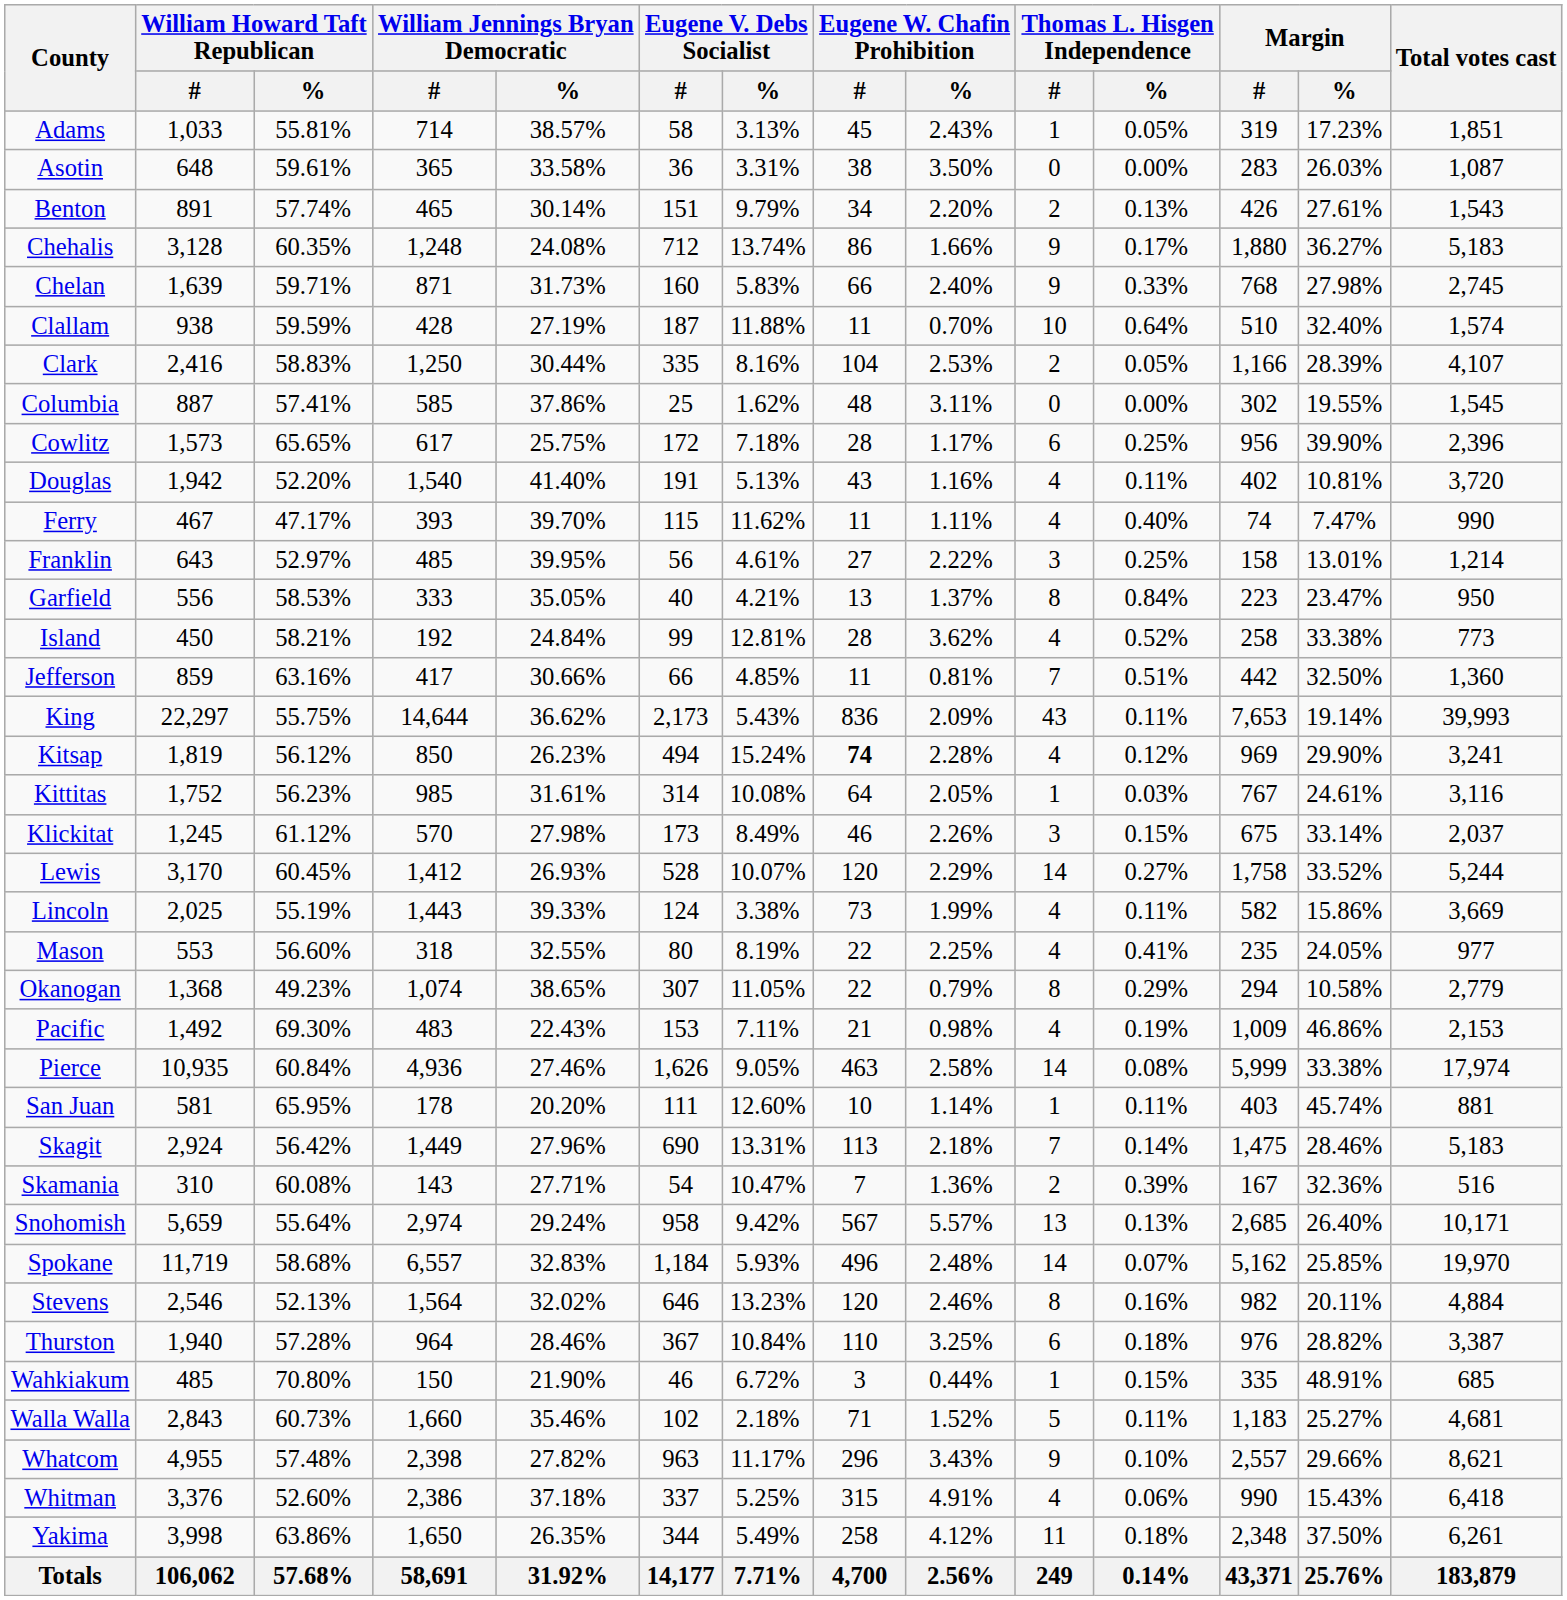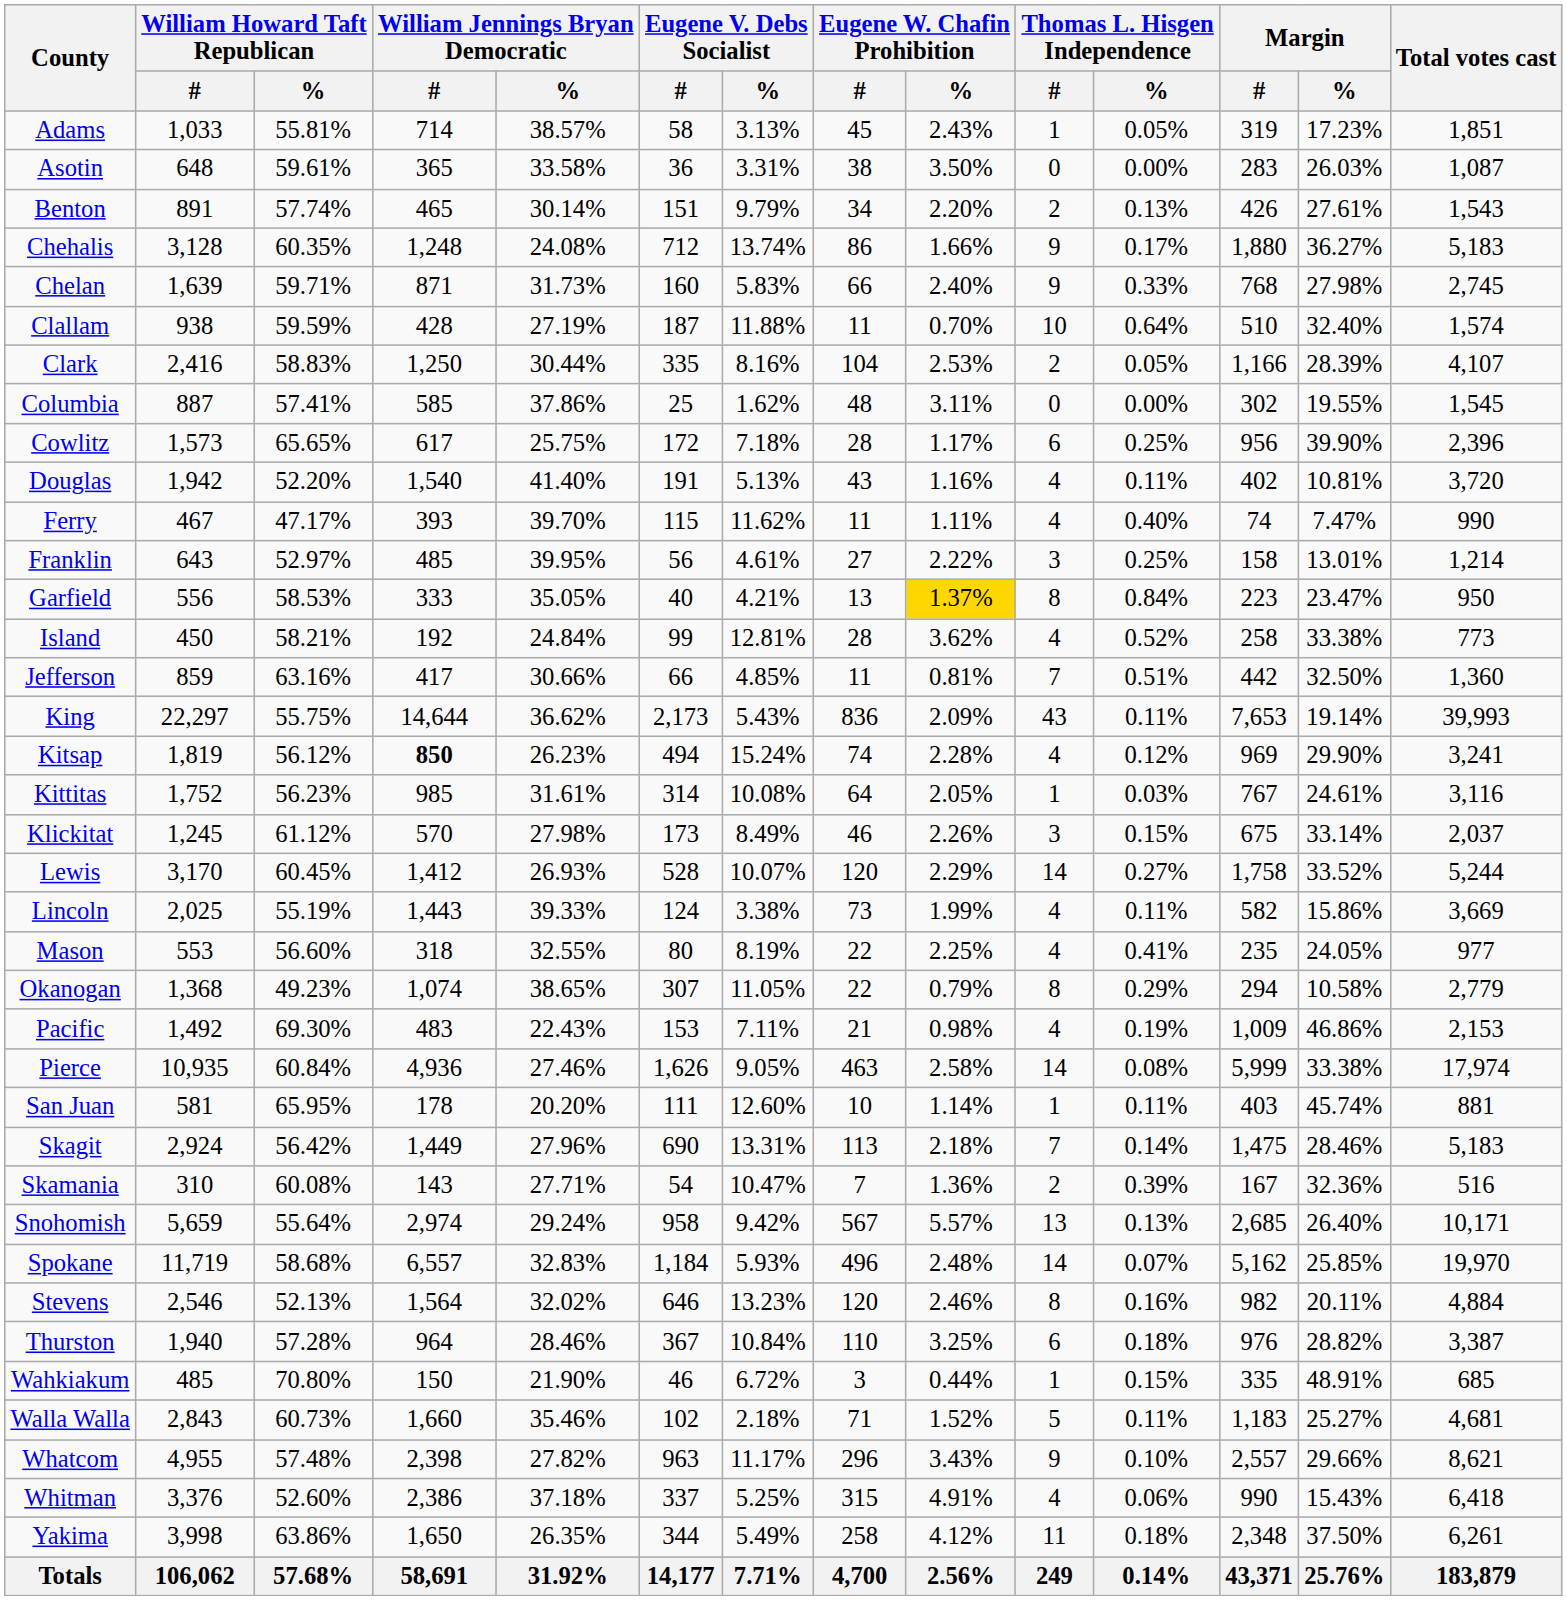 <table class="wikitable sortable" style="text-align:center">
 <tr>
 <th style="text-align:center;" rowspan="2">County</th>
 <th style="text-align:center;" colspan="2"><a href='#'>William Howard Taft</a><br>Republican</th>
 <th style="text-align:center;" colspan="2"><a href='#'>William Jennings Bryan</a><br>Democratic</th>
 <th style="text-align:center;" colspan="2"><a href='#'>Eugene V. Debs</a><br>Socialist</th>
 <th style="text-align:center;" colspan="2"><a href='#'>Eugene W. Chafin</a><br>Prohibition</th>
 <th style="text-align:center;" colspan="2"><a href='#'>Thomas L. Hisgen</a><br>Independence</th>
 <th style="text-align:center;" colspan="2">Margin</th>
 <th style="text-align:center;" rowspan="2">Total votes cast</th>
 </tr>
 <tr>
 <th style="text-align:center;" data-sort-type="number">#</th>
 <th style="text-align:center;" data-sort-type="number">%</th>
 <th style="text-align:center;" data-sort-type="number">#</th>
 <th style="text-align:center;" data-sort-type="number">%</th>
 <th style="text-align:center;" data-sort-type="number">#</th>
 <th style="text-align:center;" data-sort-type="number">%</th>
 <th style="text-align:center;" data-sort-type="number">#</th>
 <th style="text-align:center;" data-sort-type="number">%</th>
 <th style="text-align:center;" data-sort-type="number">#</th>
 <th style="text-align:center;" data-sort-type="number">%</th>
 <th style="text-align:center;" data-sort-type="number">#</th>
 <th style="text-align:center;" data-sort-type="number">%</th>
 </tr>
 <tr style="text-align:center;">
 <td><a href='#'>Adams</a></td>
 <td>1,033</td>
 <td>55.81%</td>
 <td>714</td>
 <td>38.57%</td>
 <td>58</td>
 <td>3.13%</td>
 <td>45</td>
 <td>2.43%</td>
 <td>1</td>
 <td>0.05%</td>
 <td>319</td>
 <td>17.23%</td>
 <td>1,851</td>
 </tr>
 <tr style="text-align:center;">
 <td><a href='#'>Asotin</a></td>
 <td>648</td>
 <td>59.61%</td>
 <td>365</td>
 <td>33.58%</td>
 <td>36</td>
 <td>3.31%</td>
 <td>38</td>
 <td>3.50%</td>
 <td>0</td>
 <td>0.00%</td>
 <td>283</td>
 <td>26.03%</td>
 <td>1,087</td>
 </tr>
 <tr style="text-align:center;">
 <td><a href='#'>Benton</a></td>
 <td>891</td>
 <td>57.74%</td>
 <td>465</td>
 <td>30.14%</td>
 <td>151</td>
 <td>9.79%</td>
 <td>34</td>
 <td>2.20%</td>
 <td>2</td>
 <td>0.13%</td>
 <td>426</td>
 <td>27.61%</td>
 <td>1,543</td>
 </tr>
 <tr style="text-align:center;">
 <td><a href='#'>Chehalis</a></td>
 <td>3,128</td>
 <td>60.35%</td>
 <td>1,248</td>
 <td>24.08%</td>
 <td>712</td>
 <td>13.74%</td>
 <td>86</td>
 <td>1.66%</td>
 <td>9</td>
 <td>0.17%</td>
 <td>1,880</td>
 <td>36.27%</td>
 <td>5,183</td>
 </tr>
 <tr style="text-align:center;">
 <td><a href='#'>Chelan</a></td>
 <td>1,639</td>
 <td>59.71%</td>
 <td>871</td>
 <td>31.73%</td>
 <td>160</td>
 <td>5.83%</td>
 <td>66</td>
 <td>2.40%</td>
 <td>9</td>
 <td>0.33%</td>
 <td>768</td>
 <td>27.98%</td>
 <td>2,745</td>
 </tr>
 <tr style="text-align:center;">
 <td><a href='#'>Clallam</a></td>
 <td>938</td>
 <td>59.59%</td>
 <td>428</td>
 <td>27.19%</td>
 <td>187</td>
 <td>11.88%</td>
 <td>11</td>
 <td>0.70%</td>
 <td>10</td>
 <td>0.64%</td>
 <td>510</td>
 <td>32.40%</td>
 <td>1,574</td>
 </tr>
 <tr style="text-align:center;">
 <td><a href='#'>Clark</a></td>
 <td>2,416</td>
 <td>58.83%</td>
 <td>1,250</td>
 <td>30.44%</td>
 <td>335</td>
 <td>8.16%</td>
 <td>104</td>
 <td>2.53%</td>
 <td>2</td>
 <td>0.05%</td>
 <td>1,166</td>
 <td>28.39%</td>
 <td>4,107</td>
 </tr>
 <tr style="text-align:center;">
 <td><a href='#'>Columbia</a></td>
 <td>887</td>
 <td>57.41%</td>
 <td>585</td>
 <td>37.86%</td>
 <td>25</td>
 <td>1.62%</td>
 <td>48</td>
 <td>3.11%</td>
 <td>0</td>
 <td>0.00%</td>
 <td>302</td>
 <td>19.55%</td>
 <td>1,545</td>
 </tr>
 <tr style="text-align:center;">
 <td><a href='#'>Cowlitz</a></td>
 <td>1,573</td>
 <td>65.65%</td>
 <td>617</td>
 <td>25.75%</td>
 <td>172</td>
 <td>7.18%</td>
 <td>28</td>
 <td>1.17%</td>
 <td>6</td>
 <td>0.25%</td>
 <td>956</td>
 <td>39.90%</td>
 <td>2,396</td>
 </tr>
 <tr style="text-align:center;">
 <td><a href='#'>Douglas</a></td>
 <td>1,942</td>
 <td>52.20%</td>
 <td>1,540</td>
 <td>41.40%</td>
 <td>191</td>
 <td>5.13%</td>
 <td>43</td>
 <td>1.16%</td>
 <td>4</td>
 <td>0.11%</td>
 <td>402</td>
 <td>10.81%</td>
 <td>3,720</td>
 </tr>
 <tr style="text-align:center;">
 <td><a href='#'>Ferry</a></td>
 <td>467</td>
 <td>47.17%</td>
 <td>393</td>
 <td>39.70%</td>
 <td>115</td>
 <td>11.62%</td>
 <td>11</td>
 <td>1.11%</td>
 <td>4</td>
 <td>0.40%</td>
 <td>74</td>
 <td>7.47%</td>
 <td>990</td>
 </tr>
 <tr style="text-align:center;">
 <td><a href='#'>Franklin</a></td>
 <td>643</td>
 <td>52.97%</td>
 <td>485</td>
 <td>39.95%</td>
 <td>56</td>
 <td>4.61%</td>
 <td>27</td>
 <td>2.22%</td>
 <td>3</td>
 <td>0.25%</td>
 <td>158</td>
 <td>13.01%</td>
 <td>1,214</td>
 </tr>
 <tr style="text-align:center;">
 <td><a href='#'>Garfield</a></td>
 <td>556</td>
 <td>58.53%</td>
 <td>333</td>
 <td>35.05%</td>
 <td>40</td>
 <td>4.21%</td>
 <td>13</td>
-<td>1.37%</td>
+<td style="background: gold;">1.37%</td>
 <td>8</td>
 <td>0.84%</td>
 <td>223</td>
 <td>23.47%</td>
 <td>950</td>
 </tr>
 <tr style="text-align:center;">
 <td><a href='#'>Island</a></td>
 <td>450</td>
 <td>58.21%</td>
 <td>192</td>
 <td>24.84%</td>
 <td>99</td>
 <td>12.81%</td>
 <td>28</td>
 <td>3.62%</td>
 <td>4</td>
 <td>0.52%</td>
 <td>258</td>
 <td>33.38%</td>
 <td>773</td>
 </tr>
 <tr style="text-align:center;">
 <td><a href='#'>Jefferson</a></td>
 <td>859</td>
 <td>63.16%</td>
 <td>417</td>
 <td>30.66%</td>
 <td>66</td>
 <td>4.85%</td>
 <td>11</td>
 <td>0.81%</td>
 <td>7</td>
 <td>0.51%</td>
 <td>442</td>
 <td>32.50%</td>
 <td>1,360</td>
 </tr>
 <tr style="text-align:center;">
 <td><a href='#'>King</a></td>
 <td>22,297</td>
 <td>55.75%</td>
 <td>14,644</td>
 <td>36.62%</td>
 <td>2,173</td>
 <td>5.43%</td>
 <td>836</td>
 <td>2.09%</td>
 <td>43</td>
 <td>0.11%</td>
 <td>7,653</td>
 <td>19.14%</td>
 <td>39,993</td>
 </tr>
 <tr style="text-align:center;">
 <td><a href='#'>Kitsap</a></td>
 <td>1,819</td>
 <td>56.12%</td>
-<td>850</td>
+<td><strong>850</strong></td>
 <td>26.23%</td>
 <td>494</td>
 <td>15.24%</td>
-<td><strong>74</strong></td>
+<td>74</td>
 <td>2.28%</td>
 <td>4</td>
 <td>0.12%</td>
 <td>969</td>
 <td>29.90%</td>
 <td>3,241</td>
 </tr>
 <tr style="text-align:center;">
 <td><a href='#'>Kittitas</a></td>
 <td>1,752</td>
 <td>56.23%</td>
 <td>985</td>
 <td>31.61%</td>
 <td>314</td>
 <td>10.08%</td>
 <td>64</td>
 <td>2.05%</td>
 <td>1</td>
 <td>0.03%</td>
 <td>767</td>
 <td>24.61%</td>
 <td>3,116</td>
 </tr>
 <tr style="text-align:center;">
 <td><a href='#'>Klickitat</a></td>
 <td>1,245</td>
 <td>61.12%</td>
 <td>570</td>
 <td>27.98%</td>
 <td>173</td>
 <td>8.49%</td>
 <td>46</td>
 <td>2.26%</td>
 <td>3</td>
 <td>0.15%</td>
 <td>675</td>
 <td>33.14%</td>
 <td>2,037</td>
 </tr>
 <tr style="text-align:center;">
 <td><a href='#'>Lewis</a></td>
 <td>3,170</td>
 <td>60.45%</td>
 <td>1,412</td>
 <td>26.93%</td>
 <td>528</td>
 <td>10.07%</td>
 <td>120</td>
 <td>2.29%</td>
 <td>14</td>
 <td>0.27%</td>
 <td>1,758</td>
 <td>33.52%</td>
 <td>5,244</td>
 </tr>
 <tr style="text-align:center;">
 <td><a href='#'>Lincoln</a></td>
 <td>2,025</td>
 <td>55.19%</td>
 <td>1,443</td>
 <td>39.33%</td>
 <td>124</td>
 <td>3.38%</td>
 <td>73</td>
 <td>1.99%</td>
 <td>4</td>
 <td>0.11%</td>
 <td>582</td>
 <td>15.86%</td>
 <td>3,669</td>
 </tr>
 <tr style="text-align:center;">
 <td><a href='#'>Mason</a></td>
 <td>553</td>
 <td>56.60%</td>
 <td>318</td>
 <td>32.55%</td>
 <td>80</td>
 <td>8.19%</td>
 <td>22</td>
 <td>2.25%</td>
 <td>4</td>
 <td>0.41%</td>
 <td>235</td>
 <td>24.05%</td>
 <td>977</td>
 </tr>
 <tr style="text-align:center;">
 <td><a href='#'>Okanogan</a></td>
 <td>1,368</td>
 <td>49.23%</td>
 <td>1,074</td>
 <td>38.65%</td>
 <td>307</td>
 <td>11.05%</td>
 <td>22</td>
 <td>0.79%</td>
 <td>8</td>
 <td>0.29%</td>
 <td>294</td>
 <td>10.58%</td>
 <td>2,779</td>
 </tr>
 <tr style="text-align:center;">
 <td><a href='#'>Pacific</a></td>
 <td>1,492</td>
 <td>69.30%</td>
 <td>483</td>
 <td>22.43%</td>
 <td>153</td>
 <td>7.11%</td>
 <td>21</td>
 <td>0.98%</td>
 <td>4</td>
 <td>0.19%</td>
 <td>1,009</td>
 <td>46.86%</td>
 <td>2,153</td>
 </tr>
 <tr style="text-align:center;">
 <td><a href='#'>Pierce</a></td>
 <td>10,935</td>
 <td>60.84%</td>
 <td>4,936</td>
 <td>27.46%</td>
 <td>1,626</td>
 <td>9.05%</td>
 <td>463</td>
 <td>2.58%</td>
 <td>14</td>
 <td>0.08%</td>
 <td>5,999</td>
 <td>33.38%</td>
 <td>17,974</td>
 </tr>
 <tr style="text-align:center;">
 <td><a href='#'>San Juan</a></td>
 <td>581</td>
 <td>65.95%</td>
 <td>178</td>
 <td>20.20%</td>
 <td>111</td>
 <td>12.60%</td>
 <td>10</td>
 <td>1.14%</td>
 <td>1</td>
 <td>0.11%</td>
 <td>403</td>
 <td>45.74%</td>
 <td>881</td>
 </tr>
 <tr style="text-align:center;">
 <td><a href='#'>Skagit</a></td>
 <td>2,924</td>
 <td>56.42%</td>
 <td>1,449</td>
 <td>27.96%</td>
 <td>690</td>
 <td>13.31%</td>
 <td>113</td>
 <td>2.18%</td>
 <td>7</td>
 <td>0.14%</td>
 <td>1,475</td>
 <td>28.46%</td>
 <td>5,183</td>
 </tr>
 <tr style="text-align:center;">
 <td><a href='#'>Skamania</a></td>
 <td>310</td>
 <td>60.08%</td>
 <td>143</td>
 <td>27.71%</td>
 <td>54</td>
 <td>10.47%</td>
 <td>7</td>
 <td>1.36%</td>
 <td>2</td>
 <td>0.39%</td>
 <td>167</td>
 <td>32.36%</td>
 <td>516</td>
 </tr>
 <tr style="text-align:center;">
 <td><a href='#'>Snohomish</a></td>
 <td>5,659</td>
 <td>55.64%</td>
 <td>2,974</td>
 <td>29.24%</td>
 <td>958</td>
 <td>9.42%</td>
 <td>567</td>
 <td>5.57%</td>
 <td>13</td>
 <td>0.13%</td>
 <td>2,685</td>
 <td>26.40%</td>
 <td>10,171</td>
 </tr>
 <tr style="text-align:center;">
 <td><a href='#'>Spokane</a></td>
 <td>11,719</td>
 <td>58.68%</td>
 <td>6,557</td>
 <td>32.83%</td>
 <td>1,184</td>
 <td>5.93%</td>
 <td>496</td>
 <td>2.48%</td>
 <td>14</td>
 <td>0.07%</td>
 <td>5,162</td>
 <td>25.85%</td>
 <td>19,970</td>
 </tr>
 <tr style="text-align:center;">
 <td><a href='#'>Stevens</a></td>
 <td>2,546</td>
 <td>52.13%</td>
 <td>1,564</td>
 <td>32.02%</td>
 <td>646</td>
 <td>13.23%</td>
 <td>120</td>
 <td>2.46%</td>
 <td>8</td>
 <td>0.16%</td>
 <td>982</td>
 <td>20.11%</td>
 <td>4,884</td>
 </tr>
 <tr style="text-align:center;">
 <td><a href='#'>Thurston</a></td>
 <td>1,940</td>
 <td>57.28%</td>
 <td>964</td>
 <td>28.46%</td>
 <td>367</td>
 <td>10.84%</td>
 <td>110</td>
 <td>3.25%</td>
 <td>6</td>
 <td>0.18%</td>
 <td>976</td>
 <td>28.82%</td>
 <td>3,387</td>
 </tr>
 <tr style="text-align:center;">
 <td><a href='#'>Wahkiakum</a></td>
 <td>485</td>
 <td>70.80%</td>
 <td>150</td>
 <td>21.90%</td>
 <td>46</td>
 <td>6.72%</td>
 <td>3</td>
 <td>0.44%</td>
 <td>1</td>
 <td>0.15%</td>
 <td>335</td>
 <td>48.91%</td>
 <td>685</td>
 </tr>
 <tr style="text-align:center;">
 <td><a href='#'>Walla Walla</a></td>
 <td>2,843</td>
 <td>60.73%</td>
 <td>1,660</td>
 <td>35.46%</td>
 <td>102</td>
 <td>2.18%</td>
 <td>71</td>
 <td>1.52%</td>
 <td>5</td>
 <td>0.11%</td>
 <td>1,183</td>
 <td>25.27%</td>
 <td>4,681</td>
 </tr>
 <tr style="text-align:center;">
 <td><a href='#'>Whatcom</a></td>
 <td>4,955</td>
 <td>57.48%</td>
 <td>2,398</td>
 <td>27.82%</td>
 <td>963</td>
 <td>11.17%</td>
 <td>296</td>
 <td>3.43%</td>
 <td>9</td>
 <td>0.10%</td>
 <td>2,557</td>
 <td>29.66%</td>
 <td>8,621</td>
 </tr>
 <tr style="text-align:center;">
 <td><a href='#'>Whitman</a></td>
 <td>3,376</td>
 <td>52.60%</td>
 <td>2,386</td>
 <td>37.18%</td>
 <td>337</td>
 <td>5.25%</td>
 <td>315</td>
 <td>4.91%</td>
 <td>4</td>
 <td>0.06%</td>
 <td>990</td>
 <td>15.43%</td>
 <td>6,418</td>
 </tr>
 <tr style="text-align:center;">
 <td><a href='#'>Yakima</a></td>
 <td>3,998</td>
 <td>63.86%</td>
 <td>1,650</td>
 <td>26.35%</td>
 <td>344</td>
 <td>5.49%</td>
 <td>258</td>
 <td>4.12%</td>
 <td>11</td>
 <td>0.18%</td>
 <td>2,348</td>
 <td>37.50%</td>
 <td>6,261</td>
 </tr>
 <tr style="text-align:center;">
 <th>Totals</th>
 <th>106,062</th>
 <th>57.68%</th>
 <th>58,691</th>
 <th>31.92%</th>
 <th>14,177</th>
 <th>7.71%</th>
 <th>4,700</th>
 <th>2.56%</th>
 <th>249</th>
 <th>0.14%</th>
 <th>43,371</th>
 <th>25.76%</th>
 <th>183,879</th>
 </tr>
 </table>
